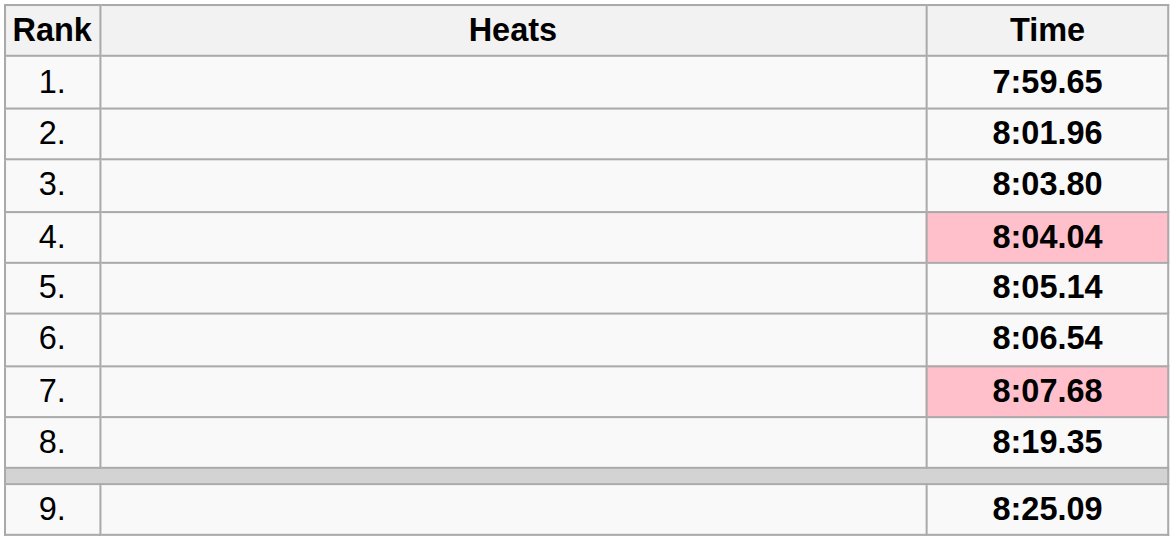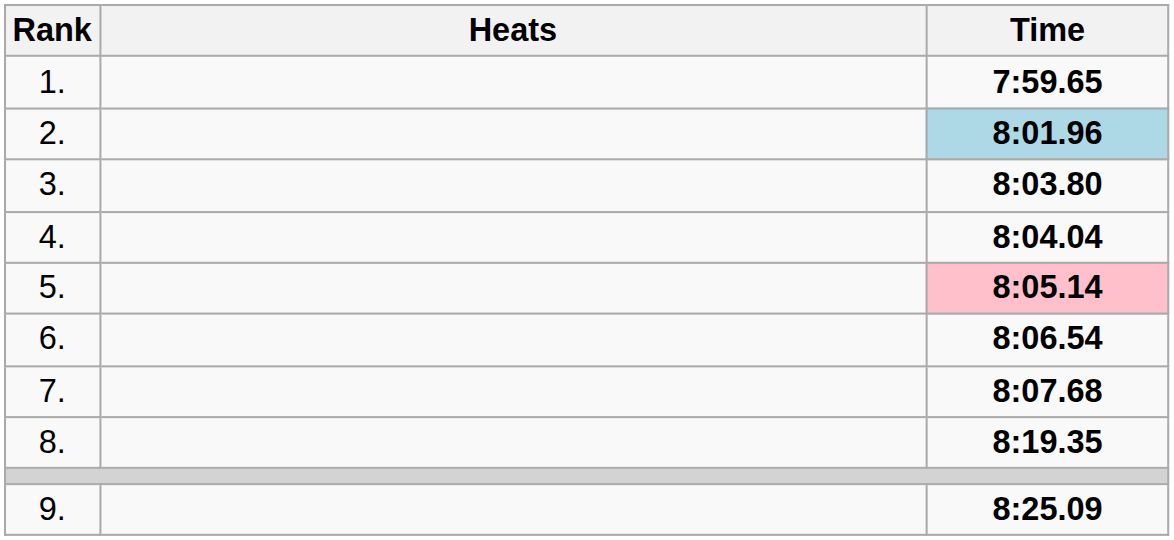 <table class="wikitable">
 <tr>
 <th>Rank</th>
 <th style="width: 25em">Heats</th>
 <th style="width: 7em">Time</th>
 </tr>
 <tr>
 <td align="center">1.</td>
 <td><strong></strong></td>
 <td align="center"><strong>7:59.65</strong></td>
 </tr>
 <tr>
 <td align="center">2.</td>
 <td><strong></strong></td>
-<td align="center"><strong>8:01.96</strong></td>
+<td align="center" style="background: lightblue;"><strong>8:01.96</strong></td>
 </tr>
 <tr>
 <td align="center">3.</td>
 <td><strong></strong></td>
 <td align="center"><strong>8:03.80</strong></td>
 </tr>
 <tr>
 <td align="center">4.</td>
 <td><strong></strong></td>
-<td align="center" style="background: pink;"><strong>8:04.04</strong></td>
+<td align="center"><strong>8:04.04</strong></td>
 </tr>
 <tr>
 <td align="center">5.</td>
 <td><strong></strong></td>
-<td align="center"><strong>8:05.14</strong></td>
+<td align="center" style="background: pink;"><strong>8:05.14</strong></td>
 </tr>
 <tr>
 <td align="center">6.</td>
 <td><strong></strong></td>
 <td align="center"><strong>8:06.54</strong></td>
 </tr>
 <tr>
 <td align="center">7.</td>
 <td><strong></strong></td>
-<td align="center" style="background: pink;"><strong>8:07.68</strong></td>
+<td align="center"><strong>8:07.68</strong></td>
 </tr>
 <tr>
 <td align="center">8.</td>
 <td><strong></strong></td>
 <td align="center"><strong>8:19.35</strong></td>
 </tr>
 <tr>
 <td colspan=3 bgcolor=lightgray></td>
 </tr>
 <tr>
 <td align="center">9.</td>
 <td><strong></strong></td>
 <td align="center"><strong>8:25.09</strong></td>
 </tr>
 </table>
